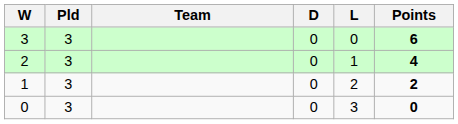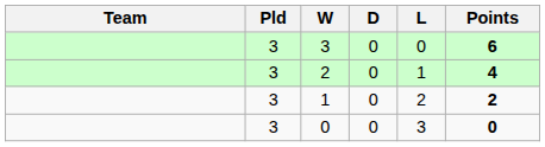 <table class=wikitable style="text-align:center" width=500>
 <tr>
+<th width=25%>Team</th>
+<th width=5%>Pld</th>
 <th width=5%>W</th>
-<th width=5%>Pld</th>
-<th width=25%>Team</th>
 <th width=5%>D</th>
 <th width=5%>L</th>
 <th width=8%>Points</th>
 </tr>
 <tr bgcolor=#ccffcc>
+<td align="left"></td>
 <td>3</td>
 <td>3</td>
-<td align="left"></td>
 <td>0</td>
 <td>0</td>
 <td><strong>6</strong></td>
 </tr>
 <tr bgcolor=#ccffcc>
+<td align="left"></td>
+<td>3</td>
 <td>2</td>
-<td>3</td>
-<td align="left"></td>
 <td>0</td>
 <td>1</td>
 <td><strong>4</strong></td>
 </tr>
 <tr>
+<td align="left"></td>
+<td>3</td>
 <td>1</td>
-<td>3</td>
-<td align="left"></td>
 <td>0</td>
 <td>2</td>
 <td><strong>2</strong></td>
 </tr>
 <tr>
+<td align="left"></td>
+<td>3</td>
 <td>0</td>
-<td>3</td>
-<td align="left"></td>
 <td>0</td>
 <td>3</td>
 <td><strong>0</strong></td>
 </tr>
 </table>
